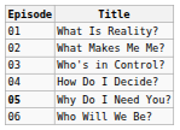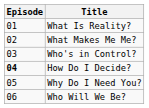 <table class="wikitable">
 <tr>
 <th>Episode</th>
 <th>Title</th>
 </tr>
 <tr>
 <td>01</td>
 <td>What Is Reality?</td>
 </tr>
 <tr>
 <td>02</td>
 <td>What Makes Me Me?</td>
 </tr>
 <tr>
 <td>03</td>
 <td>Who's in Control?</td>
 </tr>
 <tr>
-<td>04</td>
+<td><strong>04</strong></td>
 <td>How Do I Decide?</td>
 </tr>
 <tr>
-<td><strong>05</strong></td>
+<td>05</td>
 <td>Why Do I Need You?</td>
 </tr>
 <tr>
 <td>06</td>
 <td>Who Will We Be?</td>
 </tr>
 </table>
